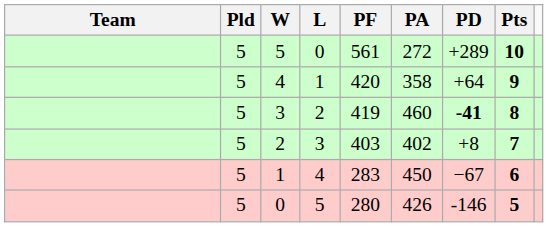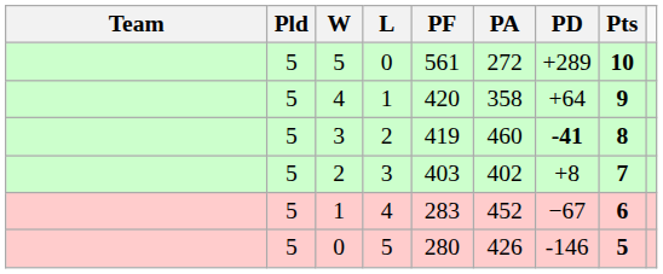 <table class="wikitable" style="text-align:center;">
 <tr>
 <th width=170>Team</th>
 <th width=25>Pld</th>
 <th width=25>W</th>
 <th width=25>L</th>
 <th width=35>PF</th>
 <th width=35>PA</th>
 <th width=35>PD</th>
 <th width=25>Pts</th>
 </tr>
 <tr bgcolor=ccffcc>
 <td align="left"></td>
 <td>5</td>
 <td>5</td>
 <td>0</td>
 <td>561</td>
 <td>272</td>
 <td>+289</td>
 <td><strong>10</strong></td>
 <td></td>
 </tr>
 <tr bgcolor=ccffcc>
 <td align="left"></td>
 <td>5</td>
 <td>4</td>
 <td>1</td>
 <td>420</td>
 <td>358</td>
 <td>+64</td>
 <td><strong>9</strong></td>
 <td></td>
 </tr>
 <tr bgcolor=ccffcc>
 <td align="left"></td>
 <td>5</td>
 <td>3</td>
 <td>2</td>
 <td>419</td>
 <td>460</td>
 <td><strong>-41</strong></td>
 <td><strong>8</strong></td>
 <td></td>
 </tr>
 <tr bgcolor=ccffcc>
 <td align="left"></td>
 <td>5</td>
 <td>2</td>
 <td>3</td>
 <td>403</td>
 <td>402</td>
 <td>+8</td>
 <td><strong>7</strong></td>
 <td></td>
 </tr>
 <tr bgcolor=ffcccc>
 <td align="left"></td>
 <td>5</td>
 <td>1</td>
 <td>4</td>
 <td>283</td>
-<td>450</td>
+<td>452</td>
 <td>−67</td>
 <td><strong>6</strong></td>
 <td></td>
 </tr>
 <tr bgcolor=ffcccc>
 <td align="left"></td>
 <td>5</td>
 <td>0</td>
 <td>5</td>
 <td>280</td>
 <td>426</td>
 <td>-146</td>
 <td><strong>5</strong></td>
 <td></td>
 </tr>
 </table>
